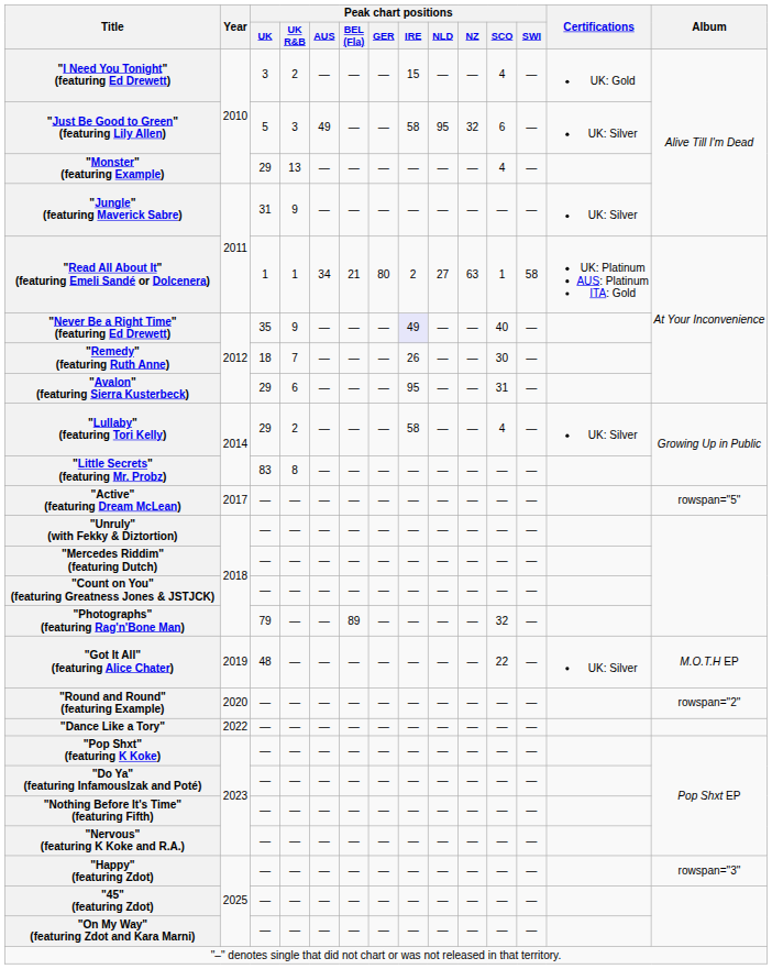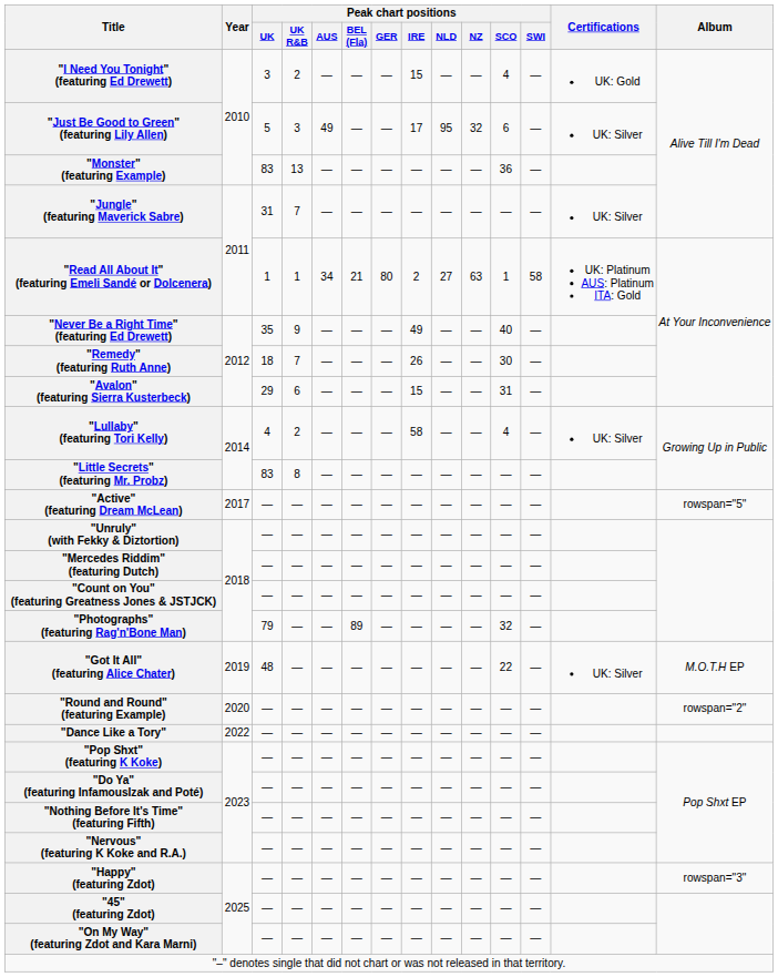 <table class="wikitable plainrowheaders" style="text-align:center;" border="1">
 <tr>
 <th scope="col" rowspan="2" style="width:19em;">Title</th>
 <th scope="col" rowspan="2" style="width:1em;">Year</th>
 <th scope="col" colspan="10">Peak chart positions</th>
 <th scope="col" rowspan="2"><a href='#'>Certifications</a></th>
 <th scope="col" rowspan="2">Album</th>
 </tr>
 <tr>
 <th scope="col" style="width:2.5em;font-size:90%;"><a href='#'>UK</a><br></th>
 <th scope="col" style="width:2.5em;font-size:90%;"><a href='#'>UK<br>R&B</a><br></th>
 <th scope="col" style="width:2.5em;font-size:90%;"><a href='#'>AUS</a><br></th>
 <th scope="col" style="width:2.5em;font-size:90%;"><a href='#'>BEL<br>(Fla)</a><br></th>
 <th scope="col" style="width:2.5em;font-size:90%;"><a href='#'>GER</a><br></th>
 <th scope="col" style="width:2.5em;font-size:90%;"><a href='#'>IRE</a><br></th>
 <th scope="col" style="width:2.5em;font-size:90%;"><a href='#'>NLD</a><br></th>
 <th scope="col" style="width:2.5em;font-size:90%;"><a href='#'>NZ</a><br></th>
 <th scope="col" style="width:2.5em;font-size:90%;"><a href='#'>SCO</a><br></th>
 <th scope="col" style="width:2.5em;font-size:90%;"><a href='#'>SWI</a><br></th>
 </tr>
 <tr>
 <th scope="row">"<a href='#'>I Need You Tonight</a>"<br><span>(featuring <a href='#'>Ed Drewett</a>)</span></th>
 <td rowspan="3">2010</td>
 <td>3</td>
 <td>2</td>
 <td>—</td>
 <td>—</td>
 <td>—</td>
 <td>15</td>
 <td>—</td>
 <td>—</td>
 <td>4</td>
 <td>—</td>
 <td><br><ul><li>UK: Gold</li></ul></td>
 <td rowspan="4"><em>Alive Till I'm Dead</em></td>
 </tr>
 <tr>
 <th scope="row">"<a href='#'>Just Be Good to Green</a>"<br><span>(featuring <a href='#'>Lily Allen</a>)</span></th>
 <td>5</td>
 <td>3</td>
 <td>49</td>
 <td>—</td>
 <td>—</td>
-<td>58</td>
+<td>17</td>
 <td>95</td>
 <td>32</td>
 <td>6</td>
 <td>—</td>
 <td><br><ul><li>UK: Silver</li></ul></td>
 </tr>
 <tr>
 <th scope="row">"<a href='#'>Monster</a>"<br><span>(featuring <a href='#'>Example</a>)</span></th>
-<td>29</td>
+<td>83</td>
 <td>13</td>
 <td>—</td>
 <td>—</td>
 <td>—</td>
 <td>—</td>
 <td>—</td>
 <td>—</td>
-<td>4</td>
+<td>36</td>
 <td>—</td>
 <td></td>
 </tr>
 <tr>
 <th scope="row">"<a href='#'>Jungle</a>"<br><span>(featuring <a href='#'>Maverick Sabre</a>)</span></th>
 <td rowspan="2">2011</td>
 <td>31</td>
-<td>9</td>
+<td>7</td>
 <td>—</td>
 <td>—</td>
 <td>—</td>
 <td>—</td>
 <td>—</td>
 <td>—</td>
 <td>—</td>
 <td>—</td>
 <td><br><ul><li>UK: Silver</li></ul></td>
 </tr>
 <tr>
 <th scope="row">"<a href='#'>Read All About It</a>"<br><span>(featuring <a href='#'>Emeli Sandé</a> or <a href='#'>Dolcenera</a>)</span></th>
 <td>1</td>
 <td>1</td>
 <td>34</td>
 <td>21</td>
 <td>80</td>
 <td>2</td>
 <td>27</td>
 <td>63</td>
 <td>1</td>
 <td>58</td>
 <td><br><ul><li>UK: Platinum</li><li><a href='#'>AUS</a>: Platinum</li><li><a href='#'>ITA</a>: Gold</li></ul></td>
 <td rowspan="4"><em>At Your Inconvenience</em></td>
 </tr>
 <tr>
 <th scope="row">"<a href='#'>Never Be a Right Time</a>"<br><span>(featuring <a href='#'>Ed Drewett</a>)</span></th>
 <td rowspan="3">2012</td>
 <td>35</td>
 <td>9</td>
 <td>—</td>
 <td>—</td>
 <td>—</td>
-<td style="background: lavender;">49</td>
+<td>49</td>
 <td>—</td>
 <td>—</td>
 <td>40</td>
 <td>—</td>
 <td></td>
 </tr>
 <tr>
 <th scope="row">"<a href='#'>Remedy</a>"<br><span>(featuring <a href='#'>Ruth Anne</a>)</span></th>
 <td>18</td>
 <td>7</td>
 <td>—</td>
 <td>—</td>
 <td>—</td>
 <td>26</td>
 <td>—</td>
 <td>—</td>
 <td>30</td>
 <td>—</td>
 <td></td>
 </tr>
 <tr>
 <th scope="row">"<a href='#'>Avalon</a>"<br><span>(featuring <a href='#'>Sierra Kusterbeck</a>)</span></th>
 <td>29</td>
 <td>6</td>
 <td>—</td>
 <td>—</td>
 <td>—</td>
-<td>95</td>
+<td>15</td>
 <td>—</td>
 <td>—</td>
 <td>31</td>
 <td>—</td>
 <td></td>
 </tr>
 <tr>
 <th scope="row">"<a href='#'>Lullaby</a>"<br><span>(featuring <a href='#'>Tori Kelly</a>)</span></th>
 <td rowspan="2">2014</td>
-<td>29</td>
+<td>4</td>
 <td>2</td>
 <td>—</td>
 <td>—</td>
 <td>—</td>
 <td>58</td>
 <td>—</td>
 <td>—</td>
 <td>4</td>
 <td>—</td>
 <td><br><ul><li>UK: Silver</li></ul></td>
 <td rowspan="2"><em>Growing Up in Public</em></td>
 </tr>
 <tr>
 <th scope="row">"<a href='#'>Little Secrets</a>"<br><span>(featuring <a href='#'>Mr. Probz</a>)</span></th>
 <td>83</td>
 <td>8</td>
 <td>—</td>
 <td>—</td>
 <td>—</td>
 <td>—</td>
 <td>—</td>
 <td>—</td>
 <td>—</td>
 <td>—</td>
 <td></td>
 </tr>
 <tr>
 <th scope="row">"Active"<br><span>(featuring <a href='#'>Dream McLean</a>)</span></th>
 <td>2017</td>
 <td>—</td>
 <td>—</td>
 <td>—</td>
 <td>—</td>
 <td>—</td>
 <td>—</td>
 <td>—</td>
 <td>—</td>
 <td>—</td>
 <td>—</td>
 <td></td>
 <td>rowspan="5" </td>
 </tr>
 <tr>
 <th scope="row">"Unruly"<br><span>(with Fekky & Diztortion)</span></th>
 <td rowspan="4">2018</td>
 <td>—</td>
 <td>—</td>
 <td>—</td>
 <td>—</td>
 <td>—</td>
 <td>—</td>
 <td>—</td>
 <td>—</td>
 <td>—</td>
 <td>—</td>
 <td></td>
 </tr>
 <tr>
 <th scope="row">"Mercedes Riddim"<br><span>(featuring Dutch)</span></th>
 <td>—</td>
 <td>—</td>
 <td>—</td>
 <td>—</td>
 <td>—</td>
 <td>—</td>
 <td>—</td>
 <td>—</td>
 <td>—</td>
 <td>—</td>
 <td></td>
 </tr>
 <tr>
 <th scope="row">"Count on You"<br><span>(featuring Greatness Jones & JSTJCK)</span></th>
 <td>—</td>
 <td>—</td>
 <td>—</td>
 <td>—</td>
 <td>—</td>
 <td>—</td>
 <td>—</td>
 <td>—</td>
 <td>—</td>
 <td>—</td>
 <td></td>
 </tr>
 <tr>
 <th scope="row">"Photographs"<br><span>(featuring <a href='#'>Rag'n'Bone Man</a>)</span></th>
 <td>79</td>
 <td>—</td>
 <td>—</td>
 <td>89</td>
 <td>—</td>
 <td>—</td>
 <td>—</td>
 <td>—</td>
 <td>32</td>
 <td>—</td>
 <td></td>
 </tr>
 <tr>
 <th scope="row">"Got It All"<br><span>(featuring <a href='#'>Alice Chater</a>)</span></th>
 <td>2019</td>
 <td>48</td>
 <td>—</td>
 <td>—</td>
 <td>—</td>
 <td>—</td>
 <td>—</td>
 <td>—</td>
 <td>—</td>
 <td>22</td>
 <td>—</td>
 <td><br><ul><li>UK: Silver</li></ul></td>
 <td><em>M.O.T.H</em> EP</td>
 </tr>
 <tr>
 <th scope="row">"Round and Round"<br><span>(featuring Example)</span></th>
 <td>2020</td>
 <td>—</td>
 <td>—</td>
 <td>—</td>
 <td>—</td>
 <td>—</td>
 <td>—</td>
 <td>—</td>
 <td>—</td>
 <td>—</td>
 <td>—</td>
 <td></td>
 <td>rowspan="2" </td>
 </tr>
 <tr>
 <th scope="row">"Dance Like a Tory"</th>
 <td>2022</td>
 <td>—</td>
 <td>—</td>
 <td>—</td>
 <td>—</td>
 <td>—</td>
 <td>—</td>
 <td>—</td>
 <td>—</td>
 <td>—</td>
 <td>—</td>
 <td></td>
 </tr>
 <tr>
 <th scope="row">"Pop Shxt"<br><span>(featuring <a href='#'>K Koke</a>)</span></th>
 <td rowspan="4">2023</td>
 <td>—</td>
 <td>—</td>
 <td>—</td>
 <td>—</td>
 <td>—</td>
 <td>—</td>
 <td>—</td>
 <td>—</td>
 <td>—</td>
 <td>—</td>
 <td></td>
 <td rowspan="4"><em>Pop Shxt</em> EP</td>
 </tr>
 <tr>
 <th scope="row">"Do Ya"<br><span>(featuring InfamousIzak and Poté)</span></th>
 <td>—</td>
 <td>—</td>
 <td>—</td>
 <td>—</td>
 <td>—</td>
 <td>—</td>
 <td>—</td>
 <td>—</td>
 <td>—</td>
 <td>—</td>
 <td></td>
 </tr>
 <tr>
 <th scope="row">"Nothing Before It's Time"<br><span>(featuring Fifth)</span></th>
 <td>—</td>
 <td>—</td>
 <td>—</td>
 <td>—</td>
 <td>—</td>
 <td>—</td>
 <td>—</td>
 <td>—</td>
 <td>—</td>
 <td>—</td>
 <td></td>
 </tr>
 <tr>
 <th scope="row">"Nervous"<br><span>(featuring K Koke and R.A.)</span></th>
 <td>—</td>
 <td>—</td>
 <td>—</td>
 <td>—</td>
 <td>—</td>
 <td>—</td>
 <td>—</td>
 <td>—</td>
 <td>—</td>
 <td>—</td>
 <td></td>
 </tr>
 <tr>
 <th scope="row">"Happy"<br><span>(featuring Zdot)</span></th>
 <td rowspan="3">2025</td>
 <td>—</td>
 <td>—</td>
 <td>—</td>
 <td>—</td>
 <td>—</td>
 <td>—</td>
 <td>—</td>
 <td>—</td>
 <td>—</td>
 <td>—</td>
 <td></td>
 <td>rowspan="3" </td>
 </tr>
 <tr>
 <th scope="row">"45"<br><span>(featuring Zdot)</span></th>
 <td>—</td>
 <td>—</td>
 <td>—</td>
 <td>—</td>
 <td>—</td>
 <td>—</td>
 <td>—</td>
 <td>—</td>
 <td>—</td>
 <td>—</td>
 <td></td>
 </tr>
 <tr>
 <th scope="row">"On My Way"<br><span>(featuring Zdot and Kara Marni)</span></th>
 <td>—</td>
 <td>—</td>
 <td>—</td>
 <td>—</td>
 <td>—</td>
 <td>—</td>
 <td>—</td>
 <td>—</td>
 <td>—</td>
 <td>—</td>
 <td></td>
 </tr>
 <tr>
 <td colspan="14">"–" denotes single that did not chart or was not released in that territory.</td>
 </tr>
 </table>
